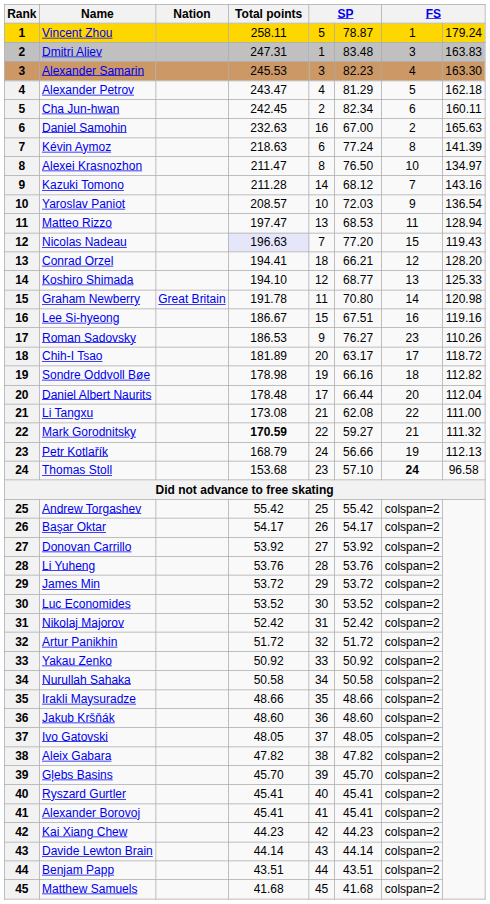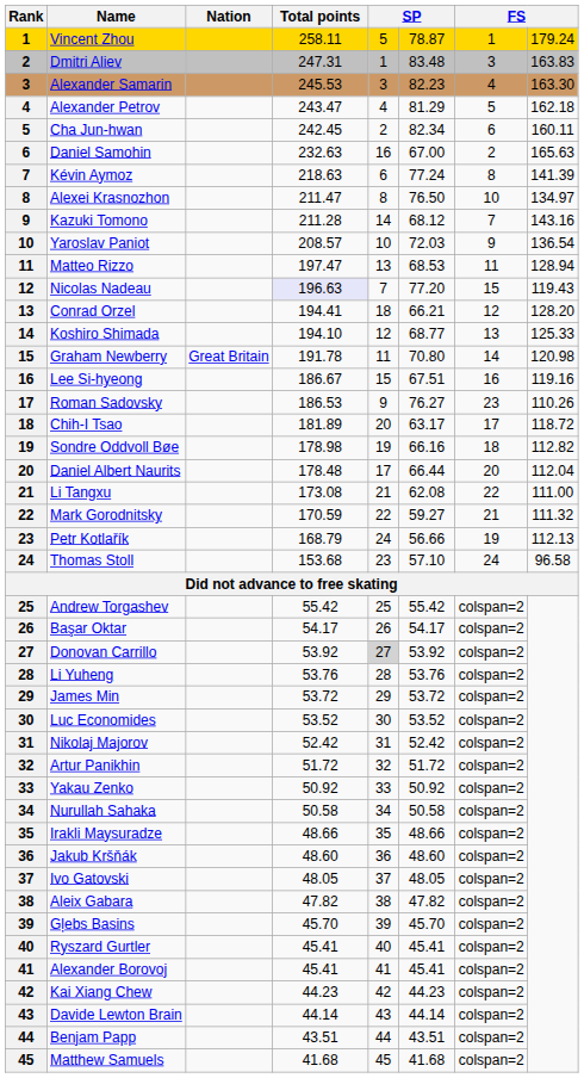 <table class="wikitable sortable">
 <tr>
 <th>Rank</th>
 <th>Name</th>
 <th>Nation</th>
 <th width="100px">Total points</th>
 <th colspan="2" width="90px"><a href='#'>SP</a></th>
 <th colspan="2" width="90px"><a href='#'>FS</a></th>
 </tr>
 <tr bgcolor="gold">
 <td align="center" bgcolor="gold"><strong>1</strong></td>
 <td><a href='#'>Vincent Zhou</a></td>
 <td></td>
 <td align="center">258.11</td>
 <td align="center">5</td>
 <td align="center">78.87</td>
 <td align="center">1</td>
 <td align="center">179.24</td>
 </tr>
 <tr bgcolor="silver">
 <td align="center" bgcolor="silver"><strong>2</strong></td>
 <td><a href='#'>Dmitri Aliev</a></td>
 <td></td>
 <td align="center">247.31</td>
 <td align="center">1</td>
 <td align="center">83.48</td>
 <td align="center">3</td>
 <td align="center">163.83</td>
 </tr>
 <tr bgcolor="#cc9966">
 <td align="center" bgcolor="#cc9966"><strong>3</strong></td>
 <td><a href='#'>Alexander Samarin</a></td>
 <td></td>
 <td align="center">245.53</td>
 <td align="center">3</td>
 <td align="center">82.23</td>
 <td align="center">4</td>
 <td align="center">163.30</td>
 </tr>
 <tr>
 <th>4</th>
 <td><a href='#'>Alexander Petrov</a></td>
 <td></td>
 <td align="center">243.47</td>
 <td align="center">4</td>
 <td align="center">81.29</td>
 <td align="center">5</td>
 <td align="center">162.18</td>
 </tr>
 <tr>
 <th>5</th>
 <td><a href='#'>Cha Jun-hwan</a></td>
 <td></td>
 <td align="center">242.45</td>
 <td align="center">2</td>
 <td align="center">82.34</td>
 <td align="center">6</td>
 <td align="center">160.11</td>
 </tr>
 <tr>
 <th>6</th>
 <td><a href='#'>Daniel Samohin</a></td>
 <td></td>
 <td align="center">232.63</td>
 <td align="center">16</td>
 <td align="center">67.00</td>
 <td align="center">2</td>
 <td align="center">165.63</td>
 </tr>
 <tr>
 <th>7</th>
 <td><a href='#'>Kévin Aymoz</a></td>
 <td></td>
 <td align="center">218.63</td>
 <td align="center">6</td>
 <td align="center">77.24</td>
 <td align="center">8</td>
 <td align="center">141.39</td>
 </tr>
 <tr>
 <th>8</th>
 <td><a href='#'>Alexei Krasnozhon</a></td>
 <td></td>
 <td align="center">211.47</td>
 <td align="center">8</td>
 <td align="center">76.50</td>
 <td align="center">10</td>
 <td align="center">134.97</td>
 </tr>
 <tr>
 <th>9</th>
 <td><a href='#'>Kazuki Tomono</a></td>
 <td></td>
 <td align="center">211.28</td>
 <td align="center">14</td>
 <td align="center">68.12</td>
 <td align="center">7</td>
 <td align="center">143.16</td>
 </tr>
 <tr>
 <th>10</th>
 <td><a href='#'>Yaroslav Paniot</a></td>
 <td></td>
 <td align="center">208.57</td>
 <td align="center">10</td>
 <td align="center">72.03</td>
 <td align="center">9</td>
 <td align="center">136.54</td>
 </tr>
 <tr>
 <th>11</th>
 <td><a href='#'>Matteo Rizzo</a></td>
 <td></td>
 <td align="center">197.47</td>
 <td align="center">13</td>
 <td align="center">68.53</td>
 <td align="center">11</td>
 <td align="center">128.94</td>
 </tr>
 <tr>
 <th>12</th>
 <td><a href='#'>Nicolas Nadeau</a></td>
 <td></td>
 <td align="center" style="background: lavender;">196.63</td>
 <td align="center">7</td>
 <td align="center">77.20</td>
 <td align="center">15</td>
 <td align="center">119.43</td>
 </tr>
 <tr>
 <th>13</th>
 <td><a href='#'>Conrad Orzel</a></td>
 <td></td>
 <td align="center">194.41</td>
 <td align="center">18</td>
 <td align="center">66.21</td>
 <td align="center">12</td>
 <td align="center">128.20</td>
 </tr>
 <tr>
 <th>14</th>
 <td><a href='#'>Koshiro Shimada</a></td>
 <td></td>
 <td align="center">194.10</td>
 <td align="center">12</td>
 <td align="center">68.77</td>
 <td align="center">13</td>
 <td align="center">125.33</td>
 </tr>
 <tr>
 <th>15</th>
 <td><a href='#'>Graham Newberry</a></td>
 <td> <a href='#'>Great Britain</a></td>
 <td align="center">191.78</td>
 <td align="center">11</td>
 <td align="center">70.80</td>
 <td align="center">14</td>
 <td align="center">120.98</td>
 </tr>
 <tr>
 <th>16</th>
 <td><a href='#'>Lee Si-hyeong</a></td>
 <td></td>
 <td align="center">186.67</td>
 <td align="center">15</td>
 <td align="center">67.51</td>
 <td align="center">16</td>
 <td align="center">119.16</td>
 </tr>
 <tr>
 <th>17</th>
 <td><a href='#'>Roman Sadovsky</a></td>
 <td></td>
 <td align="center">186.53</td>
 <td align="center">9</td>
 <td align="center">76.27</td>
 <td align="center">23</td>
 <td align="center">110.26</td>
 </tr>
 <tr>
 <th>18</th>
 <td><a href='#'>Chih-I Tsao</a></td>
 <td></td>
 <td align="center">181.89</td>
 <td align="center">20</td>
 <td align="center">63.17</td>
 <td align="center">17</td>
 <td align="center">118.72</td>
 </tr>
 <tr>
 <th>19</th>
 <td><a href='#'>Sondre Oddvoll Bøe</a></td>
 <td></td>
 <td align="center">178.98</td>
 <td align="center">19</td>
 <td align="center">66.16</td>
 <td align="center">18</td>
 <td align="center">112.82</td>
 </tr>
 <tr>
 <th>20</th>
 <td><a href='#'>Daniel Albert Naurits</a></td>
 <td></td>
 <td align="center">178.48</td>
 <td align="center">17</td>
 <td align="center">66.44</td>
 <td align="center">20</td>
 <td align="center">112.04</td>
 </tr>
 <tr>
 <th>21</th>
 <td><a href='#'>Li Tangxu</a></td>
 <td></td>
 <td align="center">173.08</td>
 <td align="center">21</td>
 <td align="center">62.08</td>
 <td align="center">22</td>
 <td align="center">111.00</td>
 </tr>
 <tr>
 <th>22</th>
 <td><a href='#'>Mark Gorodnitsky</a></td>
 <td></td>
-<td align="center"><strong>170.59</strong></td>
+<td align="center">170.59</td>
 <td align="center">22</td>
 <td align="center">59.27</td>
 <td align="center">21</td>
 <td align="center">111.32</td>
 </tr>
 <tr>
 <th>23</th>
 <td><a href='#'>Petr Kotlařík</a></td>
 <td></td>
 <td align="center">168.79</td>
 <td align="center">24</td>
 <td align="center">56.66</td>
 <td align="center">19</td>
 <td align="center">112.13</td>
 </tr>
 <tr>
 <th>24</th>
 <td><a href='#'>Thomas Stoll</a></td>
 <td></td>
 <td align="center">153.68</td>
 <td align="center">23</td>
 <td align="center">57.10</td>
-<td align="center"><strong>24</strong></td>
+<td align="center">24</td>
 <td align="center">96.58</td>
 </tr>
 <tr>
 <th colspan=8>Did not advance to free skating</th>
 </tr>
 <tr>
 <th>25</th>
 <td><a href='#'>Andrew Torgashev</a></td>
 <td></td>
 <td align="center">55.42</td>
 <td align="center">25</td>
 <td align="center">55.42</td>
 <td>colspan=2 </td>
 </tr>
 <tr>
 <th>26</th>
 <td><a href='#'>Başar Oktar</a></td>
 <td></td>
 <td align="center">54.17</td>
 <td align="center">26</td>
 <td align="center">54.17</td>
 <td>colspan=2 </td>
 </tr>
 <tr>
 <th>27</th>
 <td><a href='#'>Donovan Carrillo</a></td>
 <td></td>
 <td align="center">53.92</td>
-<td align="center">27</td>
+<td align="center" style="background: lightgrey;">27</td>
 <td align="center">53.92</td>
 <td>colspan=2 </td>
 </tr>
 <tr>
 <th>28</th>
 <td><a href='#'>Li Yuheng</a></td>
 <td></td>
 <td align="center">53.76</td>
 <td align="center">28</td>
 <td align="center">53.76</td>
 <td>colspan=2 </td>
 </tr>
 <tr>
 <th>29</th>
 <td><a href='#'>James Min</a></td>
 <td></td>
 <td align="center">53.72</td>
 <td align="center">29</td>
 <td align="center">53.72</td>
 <td>colspan=2 </td>
 </tr>
 <tr>
 <th>30</th>
 <td><a href='#'>Luc Economides</a></td>
 <td></td>
 <td align="center">53.52</td>
 <td align="center">30</td>
 <td align="center">53.52</td>
 <td>colspan=2 </td>
 </tr>
 <tr>
 <th>31</th>
 <td><a href='#'>Nikolaj Majorov</a></td>
 <td></td>
 <td align="center">52.42</td>
 <td align="center">31</td>
 <td align="center">52.42</td>
 <td>colspan=2 </td>
 </tr>
 <tr>
 <th>32</th>
 <td><a href='#'>Artur Panikhin</a></td>
 <td></td>
 <td align="center">51.72</td>
 <td align="center">32</td>
 <td align="center">51.72</td>
 <td>colspan=2 </td>
 </tr>
 <tr>
 <th>33</th>
 <td><a href='#'>Yakau Zenko</a></td>
 <td></td>
 <td align="center">50.92</td>
 <td align="center">33</td>
 <td align="center">50.92</td>
 <td>colspan=2 </td>
 </tr>
 <tr>
 <th>34</th>
 <td><a href='#'>Nurullah Sahaka</a></td>
 <td></td>
 <td align="center">50.58</td>
 <td align="center">34</td>
 <td align="center">50.58</td>
 <td>colspan=2 </td>
 </tr>
 <tr>
 <th>35</th>
 <td><a href='#'>Irakli Maysuradze</a></td>
 <td></td>
 <td align="center">48.66</td>
 <td align="center">35</td>
 <td align="center">48.66</td>
 <td>colspan=2 </td>
 </tr>
 <tr>
 <th>36</th>
 <td><a href='#'>Jakub Kršňák</a></td>
 <td></td>
 <td align="center">48.60</td>
 <td align="center">36</td>
 <td align="center">48.60</td>
 <td>colspan=2 </td>
 </tr>
 <tr>
 <th>37</th>
 <td><a href='#'>Ivo Gatovski</a></td>
 <td></td>
 <td align="center">48.05</td>
 <td align="center">37</td>
 <td align="center">48.05</td>
 <td>colspan=2 </td>
 </tr>
 <tr>
 <th>38</th>
 <td><a href='#'>Aleix Gabara</a></td>
 <td></td>
 <td align="center">47.82</td>
 <td align="center">38</td>
 <td align="center">47.82</td>
 <td>colspan=2 </td>
 </tr>
 <tr>
 <th>39</th>
 <td><a href='#'>Gļebs Basins</a></td>
 <td></td>
 <td align="center">45.70</td>
 <td align="center">39</td>
 <td align="center">45.70</td>
 <td>colspan=2 </td>
 </tr>
 <tr>
 <th>40</th>
 <td><a href='#'>Ryszard Gurtler</a></td>
 <td></td>
 <td align="center">45.41</td>
 <td align="center">40</td>
 <td align="center">45.41</td>
 <td>colspan=2 </td>
 </tr>
 <tr>
 <th>41</th>
 <td><a href='#'>Alexander Borovoj</a></td>
 <td></td>
 <td align="center">45.41</td>
 <td align="center">41</td>
 <td align="center">45.41</td>
 <td>colspan=2 </td>
 </tr>
 <tr>
 <th>42</th>
 <td><a href='#'>Kai Xiang Chew</a></td>
 <td></td>
 <td align="center">44.23</td>
 <td align="center">42</td>
 <td align="center">44.23</td>
 <td>colspan=2 </td>
 </tr>
 <tr>
 <th>43</th>
 <td><a href='#'>Davide Lewton Brain</a></td>
 <td></td>
 <td align="center">44.14</td>
 <td align="center">43</td>
 <td align="center">44.14</td>
 <td>colspan=2 </td>
 </tr>
 <tr>
 <th>44</th>
 <td><a href='#'>Benjam Papp</a></td>
 <td></td>
 <td align="center">43.51</td>
 <td align="center">44</td>
 <td align="center">43.51</td>
 <td>colspan=2 </td>
 </tr>
 <tr>
 <th>45</th>
 <td><a href='#'>Matthew Samuels</a></td>
 <td></td>
 <td align="center">41.68</td>
 <td align="center">45</td>
 <td align="center">41.68</td>
 <td>colspan=2 </td>
 </tr>
 </table>
